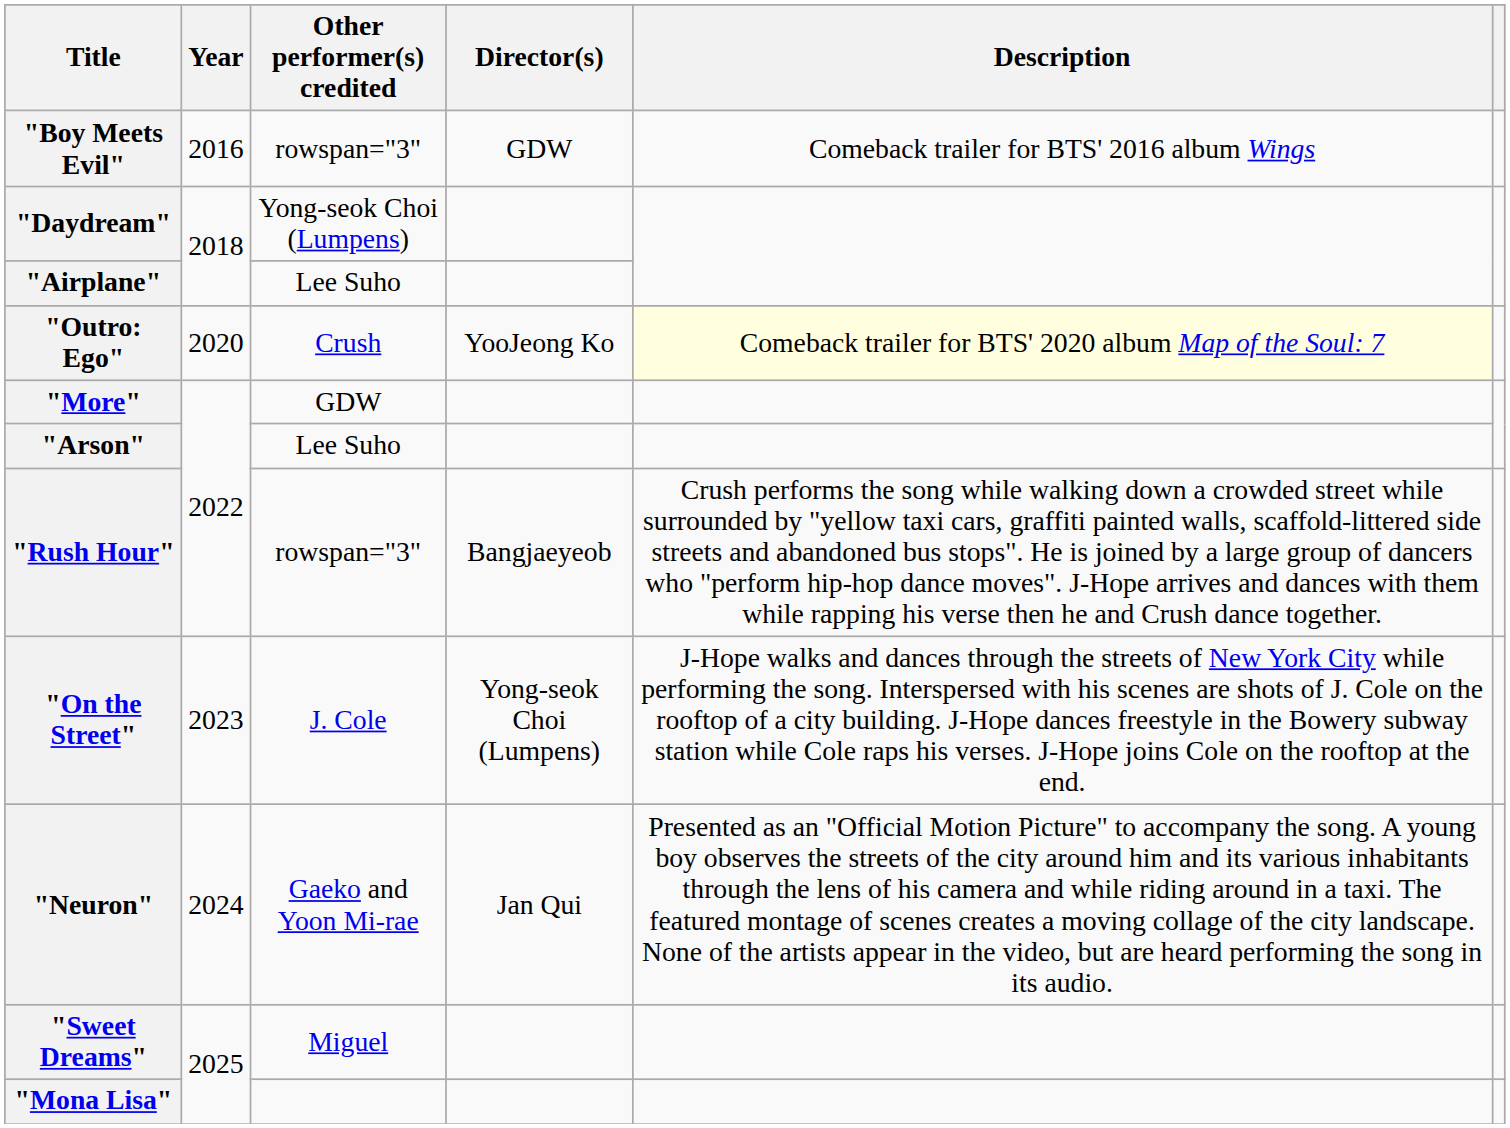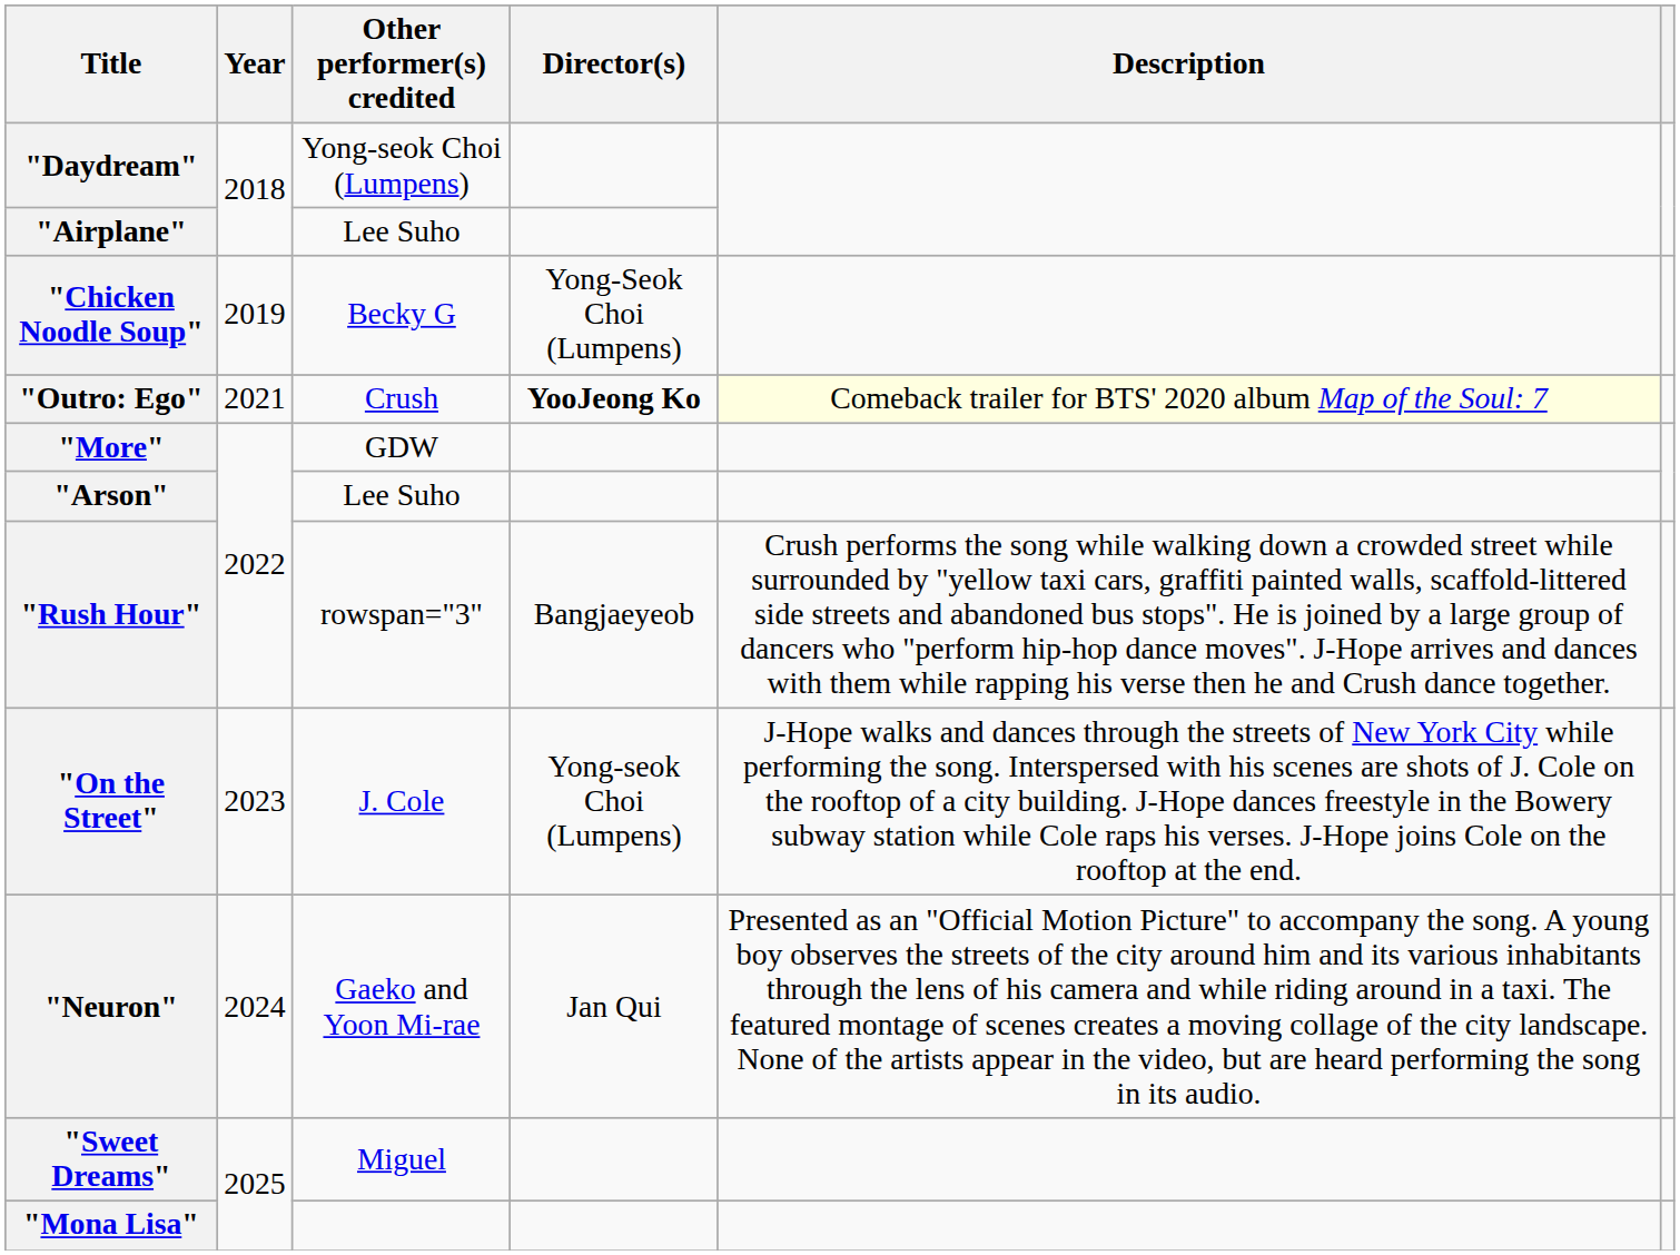 <table class="wikitable sortable plainrowheaders" style="text-align:center;">
 <tr>
 <th scope="col">Title</th>
 <th scope="col">Year</th>
 <th scope="col">Other performer(s) credited</th>
 <th scope="col">Director(s)</th>
 <th scope="col">Description</th>
 <th scope="col" class="unsortable"></th>
-</tr>
-<tr>
-<th scope="row">"Boy Meets Evil"</th>
-<td>2016</td>
-<td>rowspan="3" </td>
-<td>GDW</td>
-<td>Comeback trailer for BTS' 2016 album <em><a href='#'>Wings</a></em></td>
-<td></td>
 </tr>
 <tr>
 <th scope="row">"Daydream"</th>
 <td rowspan="2">2018</td>
 <td>Yong-seok Choi (<a href='#'>Lumpens</a>)</td>
 <td></td>
 <td rowspan="2"></td>
 </tr>
 <tr>
 <th scope="row">"Airplane"</th>
 <td>Lee Suho</td>
 <td></td>
 </tr>
 <tr>
+<th scope="row">"<a href='#'>Chicken Noodle Soup</a>"</th>
+<td>2019</td>
+<td><a href='#'>Becky G</a></td>
+<td>Yong-Seok Choi (Lumpens)</td>
+<td></td>
+<td></td>
+</tr>
+<tr>
 <th scope="row">"Outro: Ego"</th>
-<td>2020</td>
+<td>2021</td>
 <td><a href='#'>Crush</a></td>
-<td>YooJeong Ko</td>
+<td><strong>YooJeong Ko</strong></td>
 <td style="background: lightyellow;">Comeback trailer for BTS' 2020 album <em><a href='#'>Map of the Soul: 7</a></em></td>
 <td></td>
 </tr>
 <tr>
 <th scope="row">"<a href='#'>More</a>"</th>
 <td rowspan="3">2022</td>
 <td>GDW</td>
 <td></td>
 <td></td>
 </tr>
 <tr>
 <th scope="row">"Arson"</th>
 <td>Lee Suho</td>
 <td></td>
 <td></td>
 </tr>
 <tr>
 <th scope="row">"<a href='#'>Rush Hour</a>"</th>
 <td>rowspan="3" </td>
 <td>Bangjaeyeob</td>
 <td>Crush performs the song while walking down a crowded street while surrounded by "yellow taxi cars, graffiti painted walls, scaffold-littered side streets and abandoned bus stops". He is joined by a large group of dancers who "perform hip-hop dance moves". J-Hope arrives and dances with them while rapping his verse then he and Crush dance together.</td>
 <td></td>
 </tr>
 <tr>
 <th scope="row">"<a href='#'>On the Street</a>"</th>
 <td>2023</td>
 <td><a href='#'>J. Cole</a></td>
 <td>Yong-seok Choi (Lumpens)</td>
 <td>J-Hope walks and dances through the streets of <a href='#'>New York City</a> while performing the song. Interspersed with his scenes are shots of J. Cole on the rooftop of a city building. J-Hope dances freestyle in the Bowery subway station while Cole raps his verses. J-Hope joins Cole on the rooftop at the end.</td>
 <td></td>
 </tr>
 <tr>
 <th scope="row">"Neuron"</th>
 <td>2024</td>
 <td><a href='#'>Gaeko</a> and <a href='#'>Yoon Mi-rae</a></td>
 <td>Jan Qui</td>
 <td>Presented as an "Official Motion Picture" to accompany the song. A young boy observes the streets of the city around him and its various inhabitants through the lens of his camera and while riding around in a taxi. The featured montage of scenes creates a moving collage of the city landscape. None of the artists appear in the video, but are heard performing the song in its audio.</td>
 <td></td>
 </tr>
 <tr>
 <th scope="row">"<a href='#'>Sweet Dreams</a>"</th>
 <td rowspan="3">2025</td>
 <td><a href='#'>Miguel</a></td>
 <td></td>
 <td></td>
 <td></td>
 </tr>
 <tr>
 <th scope="row">"<a href='#'>Mona Lisa</a>"</th>
 <td></td>
 <td></td>
 <td></td>
 <td></td>
 </tr>
 </table>
